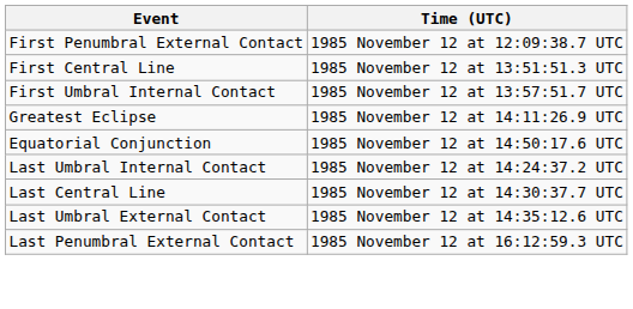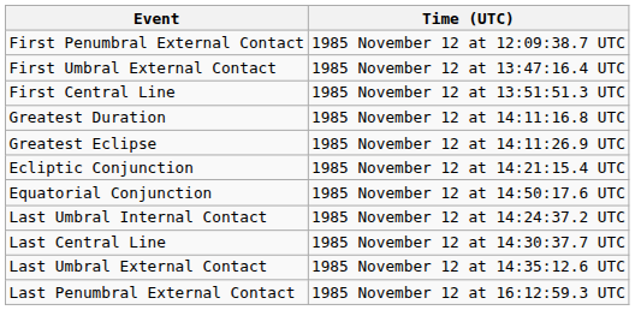 <table class="wikitable">
 <tr>
 <th>Event</th>
 <th>Time (UTC)</th>
 </tr>
 <tr>
 <td>First Penumbral External Contact</td>
 <td>1985 November 12 at 12:09:38.7 UTC</td>
 </tr>
 <tr>
+<td>First Umbral External Contact</td>
+<td>1985 November 12 at 13:47:16.4 UTC</td>
+</tr>
+<tr>
 <td>First Central Line</td>
 <td>1985 November 12 at 13:51:51.3 UTC</td>
 </tr>
 <tr>
-<td>First Umbral Internal Contact</td>
-<td>1985 November 12 at 13:57:51.7 UTC</td>
+<td>Greatest Duration</td>
+<td>1985 November 12 at 14:11:16.8 UTC</td>
 </tr>
 <tr>
 <td>Greatest Eclipse</td>
 <td>1985 November 12 at 14:11:26.9 UTC</td>
+</tr>
+<tr>
+<td>Ecliptic Conjunction</td>
+<td>1985 November 12 at 14:21:15.4 UTC</td>
 </tr>
 <tr>
 <td>Equatorial Conjunction</td>
 <td>1985 November 12 at 14:50:17.6 UTC</td>
 </tr>
 <tr>
 <td>Last Umbral Internal Contact</td>
 <td>1985 November 12 at 14:24:37.2 UTC</td>
 </tr>
 <tr>
 <td>Last Central Line</td>
 <td>1985 November 12 at 14:30:37.7 UTC</td>
 </tr>
 <tr>
 <td>Last Umbral External Contact</td>
 <td>1985 November 12 at 14:35:12.6 UTC</td>
 </tr>
 <tr>
 <td>Last Penumbral External Contact</td>
 <td>1985 November 12 at 16:12:59.3 UTC</td>
 </tr>
 </table>
